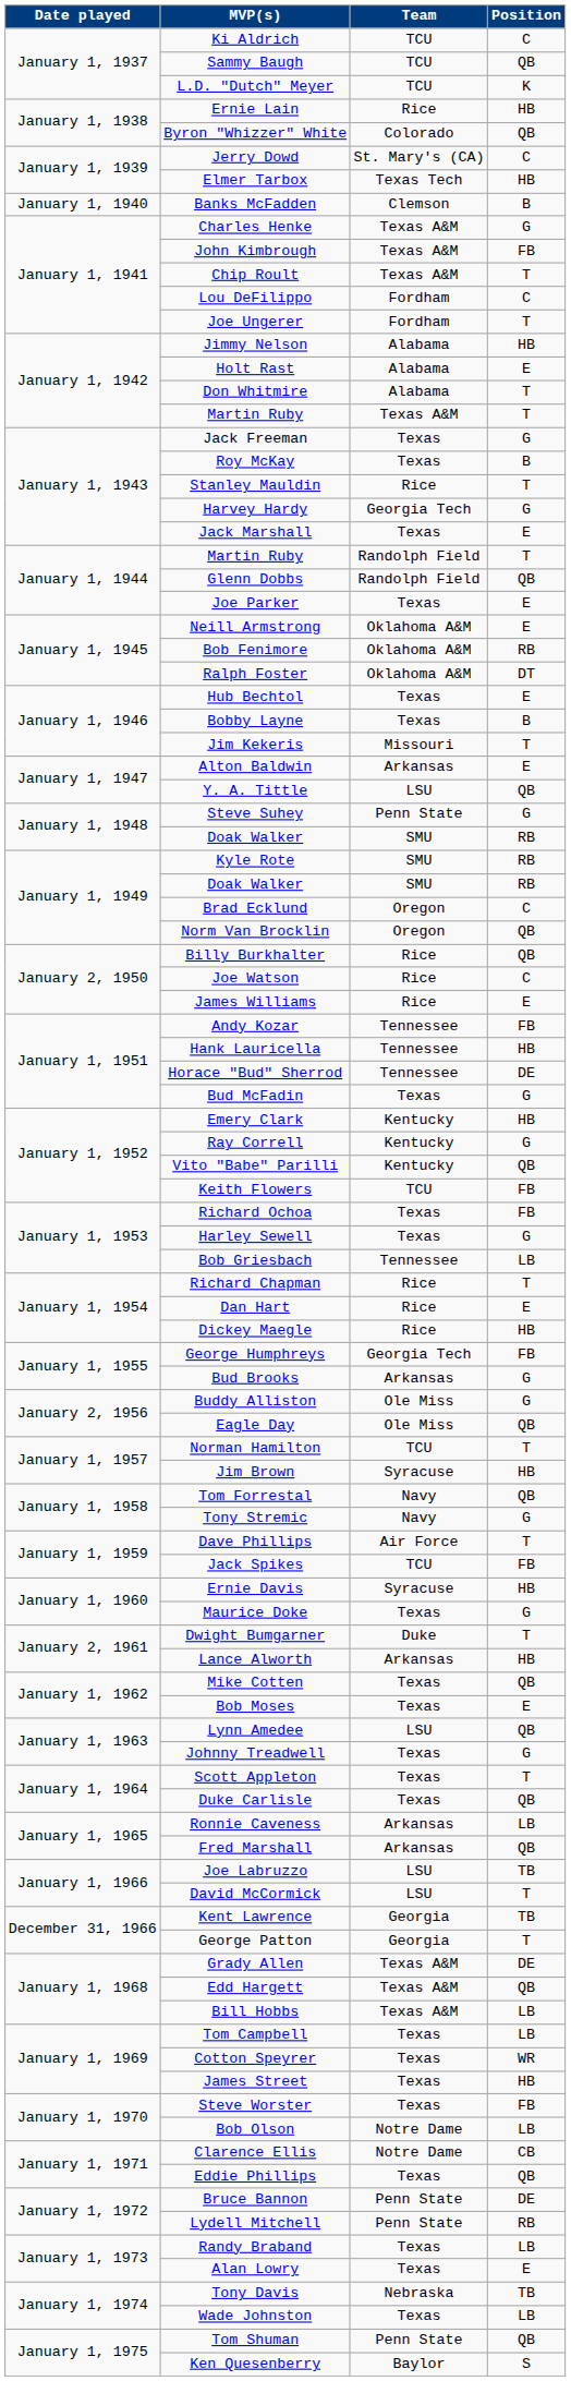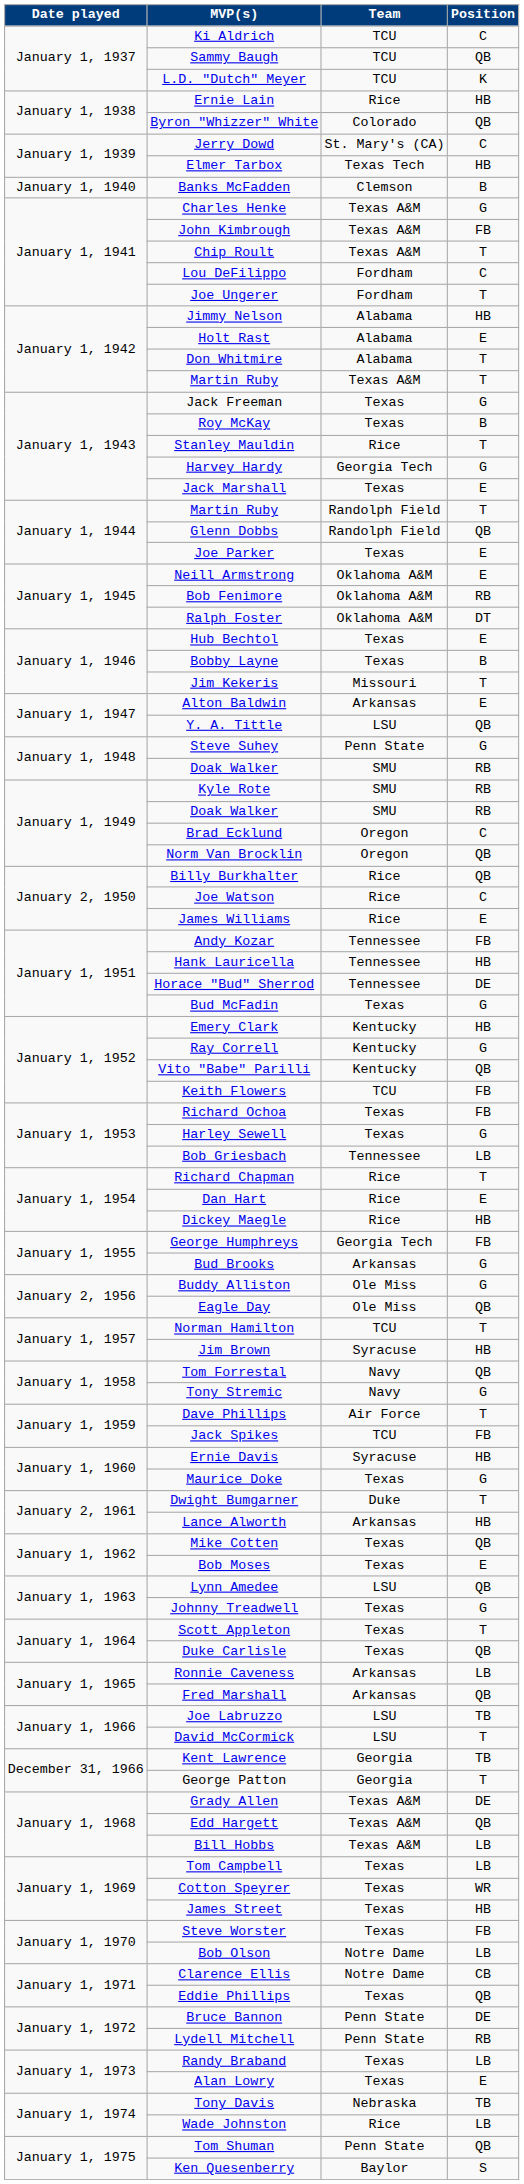 <table class="wikitable" style="text-align:center; font-size: 95%;">
 <tr>
 <th style="background:#003B7B; color:#FFFFFF; ">Date played</th>
 <th style="background:#003B7B; color:#FFFFFF; ">MVP(s)</th>
 <th style="background:#003B7B; color:#FFFFFF; ">Team</th>
 <th style="background:#003B7B; color:#FFFFFF; ">Position</th>
 </tr>
 <tr>
 <td rowspan=3>January 1, 1937</td>
 <td><a href='#'>Ki Aldrich</a></td>
 <td>TCU</td>
 <td>C</td>
 </tr>
 <tr>
 <td><a href='#'>Sammy Baugh</a></td>
 <td>TCU</td>
 <td>QB</td>
 </tr>
 <tr>
 <td><a href='#'>L.D. "Dutch" Meyer</a></td>
 <td>TCU</td>
 <td>K</td>
 </tr>
 <tr>
 <td rowspan=2>January 1, 1938</td>
 <td><a href='#'>Ernie Lain</a></td>
 <td>Rice</td>
 <td>HB</td>
 </tr>
 <tr>
 <td><a href='#'>Byron "Whizzer" White</a></td>
 <td>Colorado</td>
 <td>QB</td>
 </tr>
 <tr>
 <td rowspan=2>January 1, 1939</td>
 <td><a href='#'>Jerry Dowd</a></td>
 <td>St. Mary's (CA)</td>
 <td>C</td>
 </tr>
 <tr>
 <td><a href='#'>Elmer Tarbox</a></td>
 <td>Texas Tech</td>
 <td>HB</td>
 </tr>
 <tr>
 <td>January 1, 1940</td>
 <td><a href='#'>Banks McFadden</a></td>
 <td>Clemson</td>
 <td>B</td>
 </tr>
 <tr>
 <td rowspan=5>January 1, 1941</td>
 <td><a href='#'>Charles Henke</a></td>
 <td>Texas A&M</td>
 <td>G</td>
 </tr>
 <tr>
 <td><a href='#'>John Kimbrough</a></td>
 <td>Texas A&M</td>
 <td>FB</td>
 </tr>
 <tr>
 <td><a href='#'>Chip Roult</a></td>
 <td>Texas A&M</td>
 <td>T</td>
 </tr>
 <tr>
 <td><a href='#'>Lou DeFilippo</a></td>
 <td>Fordham</td>
 <td>C</td>
 </tr>
 <tr>
 <td><a href='#'>Joe Ungerer</a></td>
 <td>Fordham</td>
 <td>T</td>
 </tr>
 <tr>
 <td rowspan=4>January 1, 1942</td>
 <td><a href='#'>Jimmy Nelson</a></td>
 <td>Alabama</td>
 <td>HB</td>
 </tr>
 <tr>
 <td><a href='#'>Holt Rast</a></td>
 <td>Alabama</td>
 <td>E</td>
 </tr>
 <tr>
 <td><a href='#'>Don Whitmire</a></td>
 <td>Alabama</td>
 <td>T</td>
 </tr>
 <tr>
 <td><a href='#'>Martin Ruby</a></td>
 <td>Texas A&M</td>
 <td>T</td>
 </tr>
 <tr>
 <td rowspan=5>January 1, 1943</td>
 <td>Jack Freeman</td>
 <td>Texas</td>
 <td>G</td>
 </tr>
 <tr>
 <td><a href='#'>Roy McKay</a></td>
 <td>Texas</td>
 <td>B</td>
 </tr>
 <tr>
 <td><a href='#'>Stanley Mauldin</a></td>
 <td>Rice</td>
 <td>T</td>
 </tr>
 <tr>
 <td><a href='#'>Harvey Hardy</a></td>
 <td>Georgia Tech</td>
 <td>G</td>
 </tr>
 <tr>
 <td><a href='#'>Jack Marshall</a></td>
 <td>Texas</td>
 <td>E</td>
 </tr>
 <tr>
 <td rowspan=3>January 1, 1944</td>
 <td><a href='#'>Martin Ruby</a></td>
 <td>Randolph Field</td>
 <td>T</td>
 </tr>
 <tr>
 <td><a href='#'>Glenn Dobbs</a></td>
 <td>Randolph Field</td>
 <td>QB</td>
 </tr>
 <tr>
 <td><a href='#'>Joe Parker</a></td>
 <td>Texas</td>
 <td>E</td>
 </tr>
 <tr>
 <td rowspan=3>January 1, 1945</td>
 <td><a href='#'>Neill Armstrong</a></td>
 <td>Oklahoma A&M</td>
 <td>E</td>
 </tr>
 <tr>
 <td><a href='#'>Bob Fenimore</a></td>
 <td>Oklahoma A&M</td>
 <td>RB</td>
 </tr>
 <tr>
 <td><a href='#'>Ralph Foster</a></td>
 <td>Oklahoma A&M</td>
 <td>DT</td>
 </tr>
 <tr>
 <td rowspan=3>January 1, 1946</td>
 <td><a href='#'>Hub Bechtol</a></td>
 <td>Texas</td>
 <td>E</td>
 </tr>
 <tr>
 <td><a href='#'>Bobby Layne</a></td>
 <td>Texas</td>
 <td>B</td>
 </tr>
 <tr>
 <td><a href='#'>Jim Kekeris</a></td>
 <td>Missouri</td>
 <td>T</td>
 </tr>
 <tr>
 <td rowspan=2>January 1, 1947</td>
 <td><a href='#'>Alton Baldwin</a></td>
 <td>Arkansas</td>
 <td>E</td>
 </tr>
 <tr>
 <td><a href='#'>Y. A. Tittle</a></td>
 <td>LSU</td>
 <td>QB</td>
 </tr>
 <tr>
 <td rowspan=2>January 1, 1948</td>
 <td><a href='#'>Steve Suhey</a></td>
 <td>Penn State</td>
 <td>G</td>
 </tr>
 <tr>
 <td><a href='#'>Doak Walker</a></td>
 <td>SMU</td>
 <td>RB</td>
 </tr>
 <tr>
 <td rowspan=4>January 1, 1949</td>
 <td><a href='#'>Kyle Rote</a></td>
 <td>SMU</td>
 <td>RB</td>
 </tr>
 <tr>
 <td><a href='#'>Doak Walker</a></td>
 <td>SMU</td>
 <td>RB</td>
 </tr>
 <tr>
 <td><a href='#'>Brad Ecklund</a></td>
 <td>Oregon</td>
 <td>C</td>
 </tr>
 <tr>
 <td><a href='#'>Norm Van Brocklin</a></td>
 <td>Oregon</td>
 <td>QB</td>
 </tr>
 <tr>
 <td rowspan=3>January 2, 1950</td>
 <td><a href='#'>Billy Burkhalter</a></td>
 <td>Rice</td>
 <td>QB</td>
 </tr>
 <tr>
 <td><a href='#'>Joe Watson</a></td>
 <td>Rice</td>
 <td>C</td>
 </tr>
 <tr>
 <td><a href='#'>James Williams</a></td>
 <td>Rice</td>
 <td>E</td>
 </tr>
 <tr>
 <td rowspan=4>January 1, 1951</td>
 <td><a href='#'>Andy Kozar</a></td>
 <td>Tennessee</td>
 <td>FB</td>
 </tr>
 <tr>
 <td><a href='#'>Hank Lauricella</a></td>
 <td>Tennessee</td>
 <td>HB</td>
 </tr>
 <tr>
 <td><a href='#'>Horace "Bud" Sherrod</a></td>
 <td>Tennessee</td>
 <td>DE</td>
 </tr>
 <tr>
 <td><a href='#'>Bud McFadin</a></td>
 <td>Texas</td>
 <td>G</td>
 </tr>
 <tr>
 <td rowspan=4>January 1, 1952</td>
 <td><a href='#'>Emery Clark</a></td>
 <td>Kentucky</td>
 <td>HB</td>
 </tr>
 <tr>
 <td><a href='#'>Ray Correll</a></td>
 <td>Kentucky</td>
 <td>G</td>
 </tr>
 <tr>
 <td><a href='#'>Vito "Babe" Parilli</a></td>
 <td>Kentucky</td>
 <td>QB</td>
 </tr>
 <tr>
 <td><a href='#'>Keith Flowers</a></td>
 <td>TCU</td>
 <td>FB</td>
 </tr>
 <tr>
 <td rowspan=3>January 1, 1953</td>
 <td><a href='#'>Richard Ochoa</a></td>
 <td>Texas</td>
 <td>FB</td>
 </tr>
 <tr>
 <td><a href='#'>Harley Sewell</a></td>
 <td>Texas</td>
 <td>G</td>
 </tr>
 <tr>
 <td><a href='#'>Bob Griesbach</a></td>
 <td>Tennessee</td>
 <td>LB</td>
 </tr>
 <tr>
 <td rowspan=3>January 1, 1954</td>
 <td><a href='#'>Richard Chapman</a></td>
 <td>Rice</td>
 <td>T</td>
 </tr>
 <tr>
 <td><a href='#'>Dan Hart</a></td>
 <td>Rice</td>
 <td>E</td>
 </tr>
 <tr>
 <td><a href='#'>Dickey Maegle</a></td>
 <td>Rice</td>
 <td>HB</td>
 </tr>
 <tr>
 <td rowspan=2>January 1, 1955</td>
 <td><a href='#'>George Humphreys</a></td>
 <td>Georgia Tech</td>
 <td>FB</td>
 </tr>
 <tr>
 <td><a href='#'>Bud Brooks</a></td>
 <td>Arkansas</td>
 <td>G</td>
 </tr>
 <tr>
 <td rowspan=2>January 2, 1956</td>
 <td><a href='#'>Buddy Alliston</a></td>
 <td>Ole Miss</td>
 <td>G</td>
 </tr>
 <tr>
 <td><a href='#'>Eagle Day</a></td>
 <td>Ole Miss</td>
 <td>QB</td>
 </tr>
 <tr>
 <td rowspan=2>January 1, 1957</td>
 <td><a href='#'>Norman Hamilton</a></td>
 <td>TCU</td>
 <td>T</td>
 </tr>
 <tr>
 <td><a href='#'>Jim Brown</a></td>
 <td>Syracuse</td>
 <td>HB</td>
 </tr>
 <tr>
 <td rowspan=2>January 1, 1958</td>
 <td><a href='#'>Tom Forrestal</a></td>
 <td>Navy</td>
 <td>QB</td>
 </tr>
 <tr>
 <td><a href='#'>Tony Stremic</a></td>
 <td>Navy</td>
 <td>G</td>
 </tr>
 <tr>
 <td rowspan=2>January 1, 1959</td>
 <td><a href='#'>Dave Phillips</a></td>
 <td>Air Force</td>
 <td>T</td>
 </tr>
 <tr>
 <td><a href='#'>Jack Spikes</a></td>
 <td>TCU</td>
 <td>FB</td>
 </tr>
 <tr>
 <td rowspan=2>January 1, 1960</td>
 <td><a href='#'>Ernie Davis</a></td>
 <td>Syracuse</td>
 <td>HB</td>
 </tr>
 <tr>
 <td><a href='#'>Maurice Doke</a></td>
 <td>Texas</td>
 <td>G</td>
 </tr>
 <tr>
 <td rowspan=2>January 2, 1961</td>
 <td><a href='#'>Dwight Bumgarner</a></td>
 <td>Duke</td>
 <td>T</td>
 </tr>
 <tr>
 <td><a href='#'>Lance Alworth</a></td>
 <td>Arkansas</td>
 <td>HB</td>
 </tr>
 <tr>
 <td rowspan=2>January 1, 1962</td>
 <td><a href='#'>Mike Cotten</a></td>
 <td>Texas</td>
 <td>QB</td>
 </tr>
 <tr>
 <td><a href='#'>Bob Moses</a></td>
 <td>Texas</td>
 <td>E</td>
 </tr>
 <tr>
 <td rowspan=2>January 1, 1963</td>
 <td><a href='#'>Lynn Amedee</a></td>
 <td>LSU</td>
 <td>QB</td>
 </tr>
 <tr>
 <td><a href='#'>Johnny Treadwell</a></td>
 <td>Texas</td>
 <td>G</td>
 </tr>
 <tr>
 <td rowspan=2>January 1, 1964</td>
 <td><a href='#'>Scott Appleton</a></td>
 <td>Texas</td>
 <td>T</td>
 </tr>
 <tr>
 <td><a href='#'>Duke Carlisle</a></td>
 <td>Texas</td>
 <td>QB</td>
 </tr>
 <tr>
 <td rowspan=2>January 1, 1965</td>
 <td><a href='#'>Ronnie Caveness</a></td>
 <td>Arkansas</td>
 <td>LB</td>
 </tr>
 <tr>
 <td><a href='#'>Fred Marshall</a></td>
 <td>Arkansas</td>
 <td>QB</td>
 </tr>
 <tr>
 <td rowspan=2>January 1, 1966</td>
 <td><a href='#'>Joe Labruzzo</a></td>
 <td>LSU</td>
 <td>TB</td>
 </tr>
 <tr>
 <td><a href='#'>David McCormick</a></td>
 <td>LSU</td>
 <td>T</td>
 </tr>
 <tr>
 <td rowspan=2>December 31, 1966</td>
 <td><a href='#'>Kent Lawrence</a></td>
 <td>Georgia</td>
 <td>TB</td>
 </tr>
 <tr>
 <td>George Patton</td>
 <td>Georgia</td>
 <td>T</td>
 </tr>
 <tr>
 <td rowspan=3>January 1, 1968</td>
 <td><a href='#'>Grady Allen</a></td>
 <td>Texas A&M</td>
 <td>DE</td>
 </tr>
 <tr>
 <td><a href='#'>Edd Hargett</a></td>
 <td>Texas A&M</td>
 <td>QB</td>
 </tr>
 <tr>
 <td><a href='#'>Bill Hobbs</a></td>
 <td>Texas A&M</td>
 <td>LB</td>
 </tr>
 <tr>
 <td rowspan = "3">January 1, 1969</td>
 <td><a href='#'>Tom Campbell</a></td>
 <td>Texas</td>
 <td>LB</td>
 </tr>
 <tr>
 <td><a href='#'>Cotton Speyrer</a></td>
 <td>Texas</td>
 <td>WR</td>
 </tr>
 <tr>
 <td><a href='#'>James Street</a></td>
 <td>Texas</td>
 <td>HB</td>
 </tr>
 <tr>
 <td rowspan=2>January 1, 1970</td>
 <td><a href='#'>Steve Worster</a></td>
 <td>Texas</td>
 <td>FB</td>
 </tr>
 <tr>
 <td><a href='#'>Bob Olson</a></td>
 <td>Notre Dame</td>
 <td>LB</td>
 </tr>
 <tr>
 <td rowspan=2>January 1, 1971</td>
 <td><a href='#'>Clarence Ellis</a></td>
 <td>Notre Dame</td>
 <td>CB</td>
 </tr>
 <tr>
 <td><a href='#'>Eddie Phillips</a></td>
 <td>Texas</td>
 <td>QB</td>
 </tr>
 <tr>
 <td rowspan=2>January 1, 1972</td>
 <td><a href='#'>Bruce Bannon</a></td>
 <td>Penn State</td>
 <td>DE</td>
 </tr>
 <tr>
 <td><a href='#'>Lydell Mitchell</a></td>
 <td>Penn State</td>
 <td>RB</td>
 </tr>
 <tr>
 <td rowspan=2>January 1, 1973</td>
 <td><a href='#'>Randy Braband</a></td>
 <td>Texas</td>
 <td>LB</td>
 </tr>
 <tr>
 <td><a href='#'>Alan Lowry</a></td>
 <td>Texas</td>
 <td>E</td>
 </tr>
 <tr>
 <td rowspan=2>January 1, 1974</td>
 <td><a href='#'>Tony Davis</a></td>
 <td>Nebraska</td>
 <td>TB</td>
 </tr>
 <tr>
 <td><a href='#'>Wade Johnston</a></td>
-<td>Texas</td>
+<td>Rice</td>
 <td>LB</td>
 </tr>
 <tr>
 <td rowspan=2>January 1, 1975</td>
 <td><a href='#'>Tom Shuman</a></td>
 <td>Penn State</td>
 <td>QB</td>
 </tr>
 <tr>
 <td><a href='#'>Ken Quesenberry</a></td>
 <td>Baylor</td>
 <td>S</td>
 </tr>
 </table>
